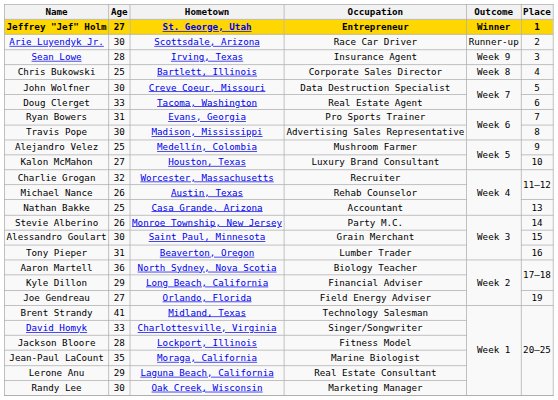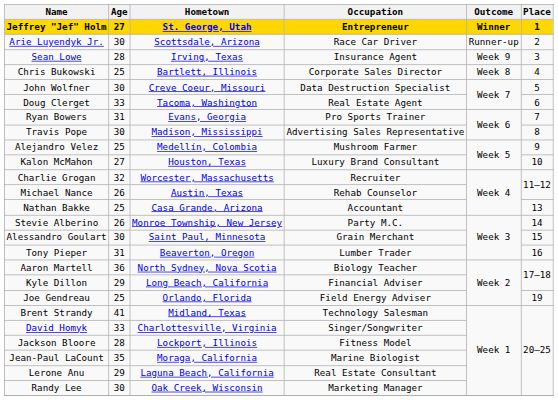 <table class="wikitable sortable" style="text-align:center;">
 <tr>
 <th>Name</th>
 <th>Age</th>
 <th>Hometown</th>
 <th>Occupation</th>
 <th>Outcome</th>
 <th>Place</th>
 </tr>
 <tr bgcolor="gold">
 <td><strong>Jeffrey "Jef" Holm</strong></td>
 <td><strong>27</strong></td>
 <td><strong><a href='#'>St. George, Utah</a></strong></td>
 <td><strong>Entrepreneur</strong></td>
 <td><strong>Winner</strong></td>
 <td><strong>1</strong></td>
 </tr>
 <tr>
 <td><a href='#'>Arie Luyendyk Jr.</a></td>
 <td>30</td>
 <td><a href='#'>Scottsdale, Arizona</a></td>
 <td>Race Car Driver</td>
 <td data-sort-value="Wh">Runner-up</td>
 <td>2</td>
 </tr>
 <tr>
 <td><a href='#'>Sean Lowe</a></td>
 <td>28</td>
 <td><a href='#'>Irving, Texas</a></td>
 <td>Insurance Agent</td>
 <td>Week 9</td>
 <td>3</td>
 </tr>
 <tr>
 <td>Chris Bukowski</td>
 <td>25</td>
 <td><a href='#'>Bartlett, Illinois</a></td>
 <td>Corporate Sales Director</td>
 <td>Week 8</td>
 <td>4</td>
 </tr>
 <tr>
 <td>John Wolfner</td>
 <td>30</td>
 <td><a href='#'>Creve Coeur, Missouri</a></td>
 <td>Data Destruction Specialist</td>
 <td rowspan="2">Week 7</td>
 <td>5</td>
 </tr>
 <tr>
 <td>Doug Clerget</td>
 <td>33</td>
 <td><a href='#'>Tacoma, Washington</a></td>
 <td>Real Estate Agent</td>
 <td>6</td>
 </tr>
 <tr>
 <td>Ryan Bowers</td>
 <td>31</td>
 <td><a href='#'>Evans, Georgia</a></td>
 <td>Pro Sports Trainer</td>
 <td rowspan="2">Week 6</td>
 <td>7</td>
 </tr>
 <tr>
 <td>Travis Pope</td>
 <td>30</td>
 <td><a href='#'>Madison, Mississippi</a></td>
 <td>Advertising Sales Representative</td>
 <td>8</td>
 </tr>
 <tr>
 <td>Alejandro Velez</td>
 <td>25</td>
 <td><a href='#'>Medellín, Colombia</a></td>
 <td>Mushroom Farmer</td>
 <td rowspan="2">Week 5</td>
 <td>9</td>
 </tr>
 <tr>
 <td>Kalon McMahon</td>
 <td>27</td>
 <td><a href='#'>Houston, Texas</a></td>
 <td>Luxury Brand Consultant</td>
 <td>10</td>
 </tr>
 <tr>
 <td>Charlie Grogan</td>
 <td>32</td>
 <td><a href='#'>Worcester, Massachusetts</a></td>
 <td>Recruiter</td>
 <td rowspan="3">Week 4</td>
 <td rowspan="2">11–12</td>
 </tr>
 <tr>
 <td>Michael Nance</td>
 <td>26</td>
 <td><a href='#'>Austin, Texas</a></td>
 <td>Rehab Counselor</td>
 </tr>
 <tr>
 <td>Nathan Bakke</td>
 <td>25</td>
 <td><a href='#'>Casa Grande, Arizona</a></td>
 <td>Accountant</td>
 <td>13</td>
 </tr>
 <tr>
 <td>Stevie Alberino</td>
 <td>26</td>
 <td><a href='#'>Monroe Township, New Jersey</a></td>
 <td>Party M.C.</td>
 <td rowspan="3">Week 3</td>
 <td>14</td>
 </tr>
 <tr>
 <td>Alessandro Goulart</td>
 <td>30</td>
 <td><a href='#'>Saint Paul, Minnesota</a></td>
 <td>Grain Merchant</td>
 <td>15</td>
 </tr>
 <tr>
 <td>Tony Pieper</td>
 <td>31</td>
 <td><a href='#'>Beaverton, Oregon</a></td>
 <td>Lumber Trader</td>
 <td>16</td>
 </tr>
 <tr>
 <td>Aaron Martell</td>
 <td>36</td>
 <td><a href='#'>North Sydney, Nova Scotia</a></td>
 <td>Biology Teacher</td>
 <td rowspan="3">Week 2</td>
 <td rowspan="2">17–18</td>
 </tr>
 <tr>
 <td>Kyle Dillon</td>
 <td>29</td>
 <td><a href='#'>Long Beach, California</a></td>
 <td>Financial Adviser</td>
 </tr>
 <tr>
 <td>Joe Gendreau</td>
-<td>27</td>
+<td>25</td>
 <td><a href='#'>Orlando, Florida</a></td>
 <td>Field Energy Adviser</td>
 <td>19</td>
 </tr>
 <tr>
 <td>Brent Strandy</td>
 <td>41</td>
 <td><a href='#'>Midland, Texas</a></td>
 <td>Technology Salesman</td>
 <td rowspan="6">Week 1</td>
 <td rowspan="6">20–25</td>
 </tr>
 <tr>
 <td><a href='#'>David Homyk</a></td>
 <td>33</td>
 <td><a href='#'>Charlottesville, Virginia</a></td>
 <td>Singer/Songwriter</td>
 </tr>
 <tr>
 <td>Jackson Bloore</td>
 <td>28</td>
 <td><a href='#'>Lockport, Illinois</a></td>
 <td>Fitness Model</td>
 </tr>
 <tr>
 <td>Jean-Paul LaCount</td>
 <td>35</td>
 <td><a href='#'>Moraga, California</a></td>
 <td>Marine Biologist</td>
 </tr>
 <tr>
 <td>Lerone Anu</td>
 <td>29</td>
 <td><a href='#'>Laguna Beach, California</a></td>
 <td>Real Estate Consultant</td>
 </tr>
 <tr>
 <td>Randy Lee</td>
 <td>30</td>
 <td><a href='#'>Oak Creek, Wisconsin</a></td>
 <td>Marketing Manager</td>
 </tr>
 <tr>
 </tr>
 </table>
